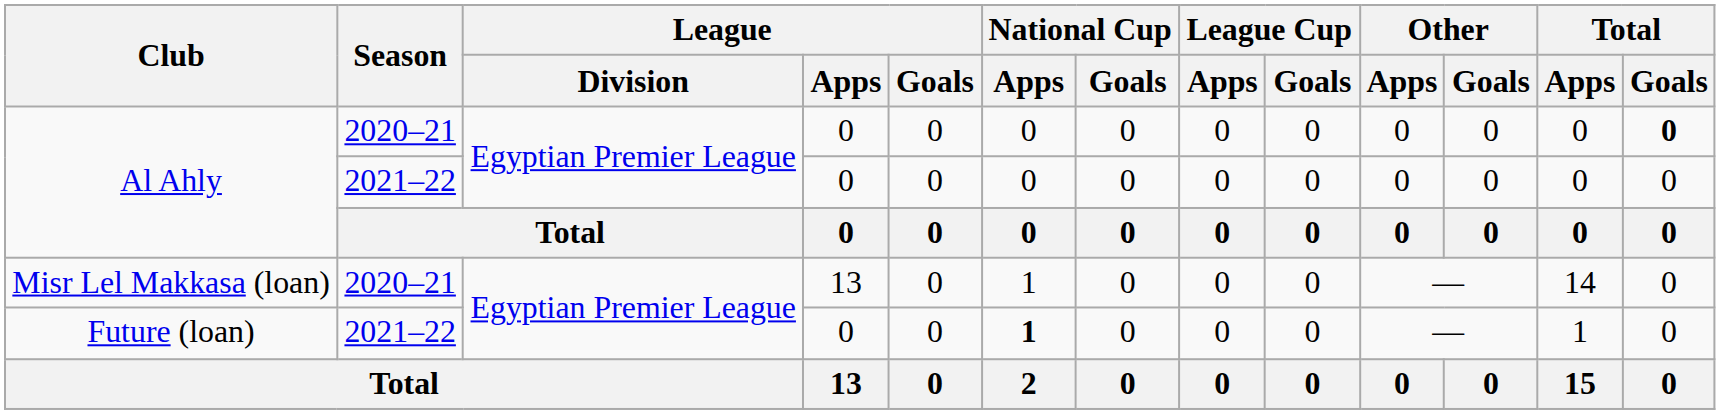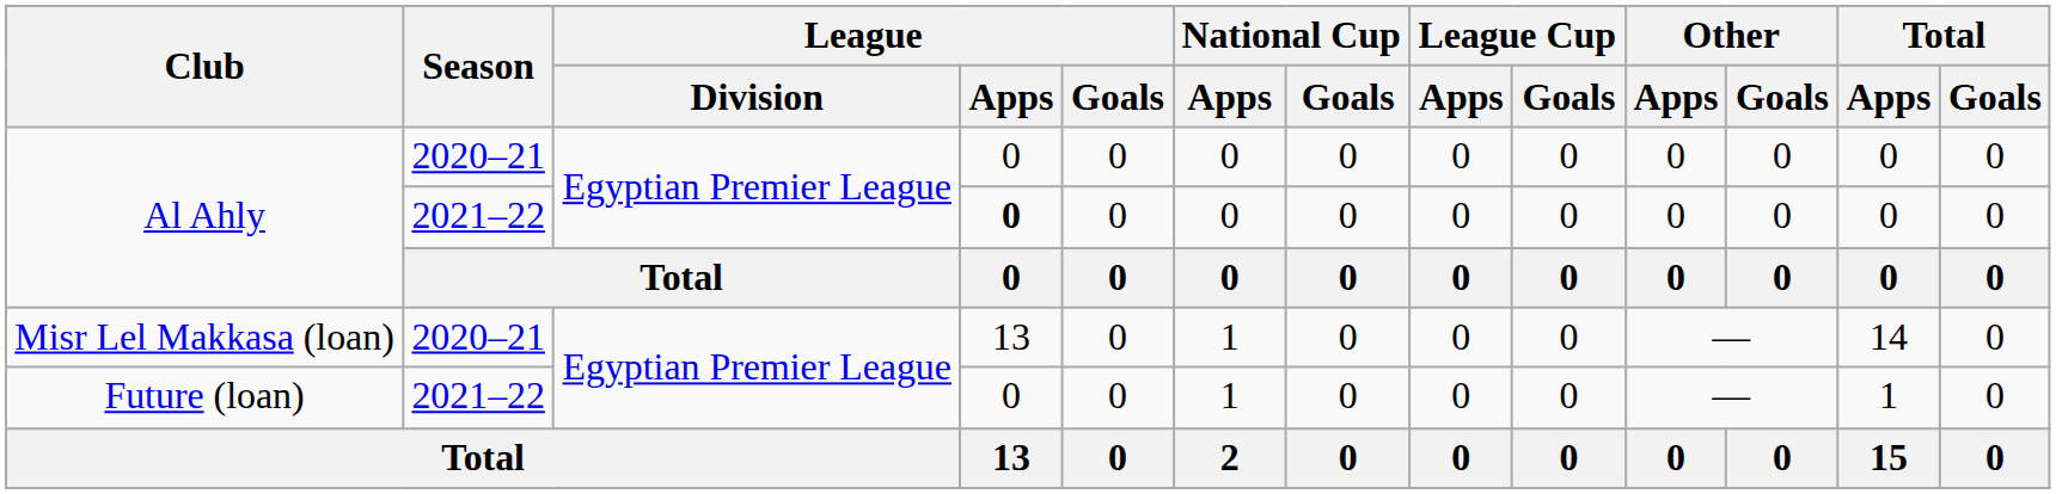 <table class=wikitable style=text-align:center>
 <tr>
 <th rowspan="2">Club</th>
 <th rowspan="2">Season</th>
 <th colspan="3">League</th>
 <th colspan="2">National Cup</th>
 <th colspan="2">League Cup</th>
 <th colspan="2">Other</th>
 <th colspan="2">Total</th>
 </tr>
 <tr>
 <th>Division</th>
 <th>Apps</th>
 <th>Goals</th>
 <th>Apps</th>
 <th>Goals</th>
 <th>Apps</th>
 <th>Goals</th>
 <th>Apps</th>
 <th>Goals</th>
 <th>Apps</th>
 <th>Goals</th>
 </tr>
 <tr>
 <td rowspan="3"><a href='#'>Al Ahly</a></td>
 <td><a href='#'>2020–21</a></td>
 <td rowspan="2"><a href='#'>Egyptian Premier League</a></td>
 <td>0</td>
 <td>0</td>
 <td>0</td>
 <td>0</td>
 <td>0</td>
 <td>0</td>
 <td>0</td>
 <td>0</td>
 <td>0</td>
-<td><strong>0</strong></td>
+<td>0</td>
 </tr>
 <tr>
 <td><a href='#'>2021–22</a></td>
-<td>0</td>
+<td><strong>0</strong></td>
 <td>0</td>
 <td>0</td>
 <td>0</td>
 <td>0</td>
 <td>0</td>
 <td>0</td>
 <td>0</td>
 <td>0</td>
 <td>0</td>
 </tr>
 <tr>
 <th colspan=2>Total</th>
 <th>0</th>
 <th>0</th>
 <th>0</th>
 <th>0</th>
 <th>0</th>
 <th>0</th>
 <th>0</th>
 <th>0</th>
 <th>0</th>
 <th>0</th>
 </tr>
 <tr>
 <td><a href='#'>Misr Lel Makkasa</a> (loan)</td>
 <td><a href='#'>2020–21</a></td>
 <td rowspan="2"><a href='#'>Egyptian Premier League</a></td>
 <td>13</td>
 <td>0</td>
 <td>1</td>
 <td>0</td>
 <td>0</td>
 <td>0</td>
 <td colspan="2">—</td>
 <td>14</td>
 <td>0</td>
 </tr>
 <tr>
 <td><a href='#'>Future</a> (loan)</td>
 <td><a href='#'>2021–22</a></td>
 <td>0</td>
 <td>0</td>
-<td><strong>1</strong></td>
+<td>1</td>
 <td>0</td>
 <td>0</td>
 <td>0</td>
 <td colspan="2">—</td>
 <td>1</td>
 <td>0</td>
 </tr>
 <tr>
 <th colspan=3>Total</th>
 <th>13</th>
 <th>0</th>
 <th>2</th>
 <th>0</th>
 <th>0</th>
 <th>0</th>
 <th>0</th>
 <th>0</th>
 <th>15</th>
 <th>0</th>
 </tr>
 </table>
